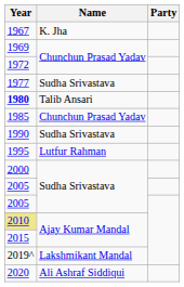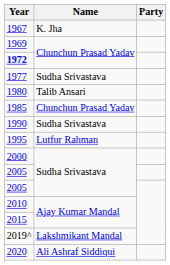 <table class="wikitable sortable">
 <tr>
 <th>Year</th>
 <th>Name</th>
 <th colspan="2">Party</th>
 </tr>
 <tr>
 <td><a href='#'>1967</a></td>
 <td>K. Jha</td>
 <td></td>
 </tr>
 <tr>
 <td><a href='#'>1969</a></td>
 <td rowspan="2"><a href='#'>Chunchun Prasad Yadav</a></td>
 <td></td>
 </tr>
 <tr>
-<td><a href='#'>1972</a></td>
+<td><strong><a href='#'>1972</a></strong></td>
 <td></td>
 </tr>
 <tr>
 <td><a href='#'>1977</a></td>
 <td>Sudha Srivastava</td>
 <td></td>
 </tr>
 <tr>
-<td><strong><a href='#'>1980</a></strong></td>
+<td><a href='#'>1980</a></td>
 <td>Talib Ansari</td>
 <td></td>
 </tr>
 <tr>
 <td><a href='#'>1985</a></td>
 <td><a href='#'>Chunchun Prasad Yadav</a></td>
 <td></td>
 </tr>
 <tr>
 <td><a href='#'>1990</a></td>
 <td>Sudha Srivastava</td>
 <td></td>
 </tr>
 <tr>
 <td><a href='#'>1995</a></td>
 <td><a href='#'>Lutfur Rahman</a></td>
 </tr>
 <tr>
 <td><a href='#'>2000</a></td>
 <td rowspan="3">Sudha Srivastava</td>
 <td></td>
 </tr>
 <tr>
 <td><a href='#'>2005</a></td>
 <td></td>
 </tr>
 <tr>
 <td><a href='#'>2005</a></td>
 </tr>
 <tr>
-<td style="background: khaki;"><a href='#'>2010</a></td>
+<td><a href='#'>2010</a></td>
 <td rowspan="2"><a href='#'>Ajay Kumar Mandal</a></td>
 </tr>
 <tr>
 <td><a href='#'>2015</a></td>
 </tr>
 <tr>
 <td>2019^</td>
 <td><a href='#'>Lakshmikant Mandal</a></td>
 </tr>
 <tr>
 <td><a href='#'>2020</a></td>
 <td><a href='#'>Ali Ashraf Siddiqui</a></td>
 <td></td>
 </tr>
 </table>
